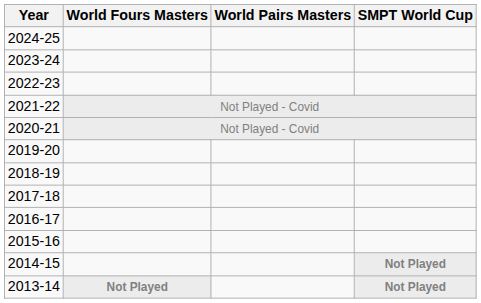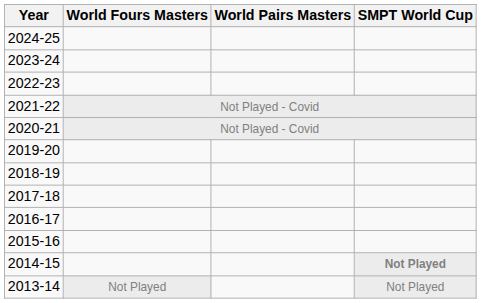 <table class="wikitable">
 <tr>
 <th>Year</th>
 <th>World Fours Masters</th>
 <th>World Pairs Masters</th>
 <th>SMPT World Cup</th>
 </tr>
 <tr>
 <td>2024-25</td>
 <td> </td>
 <td></td>
 <td></td>
 </tr>
 <tr>
 <td>2023-24</td>
 <td></td>
 <td></td>
 <td></td>
 </tr>
 <tr>
 <td>2022-23</td>
 <td> </td>
 <td></td>
 <td></td>
 </tr>
 <tr>
 <td>2021-22</td>
 <td style="background: #ececec; color: grey; text-align: center" class="table-na" colspan="3"><small>Not Played - Covid</small></td>
 </tr>
 <tr>
 <td>2020-21</td>
 <td style="background: #ececec; color: grey; text-align: center" class="table-na" colspan="3"><small>Not Played - Covid</small></td>
 </tr>
 <tr>
 <td>2019-20</td>
 <td></td>
 <td></td>
 <td></td>
 </tr>
 <tr>
 <td>2018-19</td>
 <td></td>
 <td></td>
 <td></td>
 </tr>
 <tr>
 <td>2017-18</td>
 <td></td>
 <td></td>
 <td></td>
 </tr>
 <tr>
 <td>2016-17</td>
 <td></td>
 <td></td>
 <td></td>
 </tr>
 <tr>
 <td>2015-16</td>
 <td></td>
 <td></td>
 <td></td>
 </tr>
 <tr>
 <td>2014-15</td>
 <td></td>
 <td></td>
 <td style="background: #ececec; color: grey; text-align: center" class="table-na"><strong><small>Not Played</small></strong></td>
 </tr>
 <tr>
 <td>2013-14</td>
-<td style="background: #ececec; color: grey; text-align: center" class="table-na"><strong><small>Not Played</small></strong></td>
+<td style="background: #ececec; color: grey; text-align: center" class="table-na"><small>Not Played</small></td>
 <td></td>
-<td style="background: #ececec; color: grey; text-align: center" class="table-na"><strong><small>Not Played</small></strong></td>
+<td style="background: #ececec; color: grey; text-align: center" class="table-na"><small>Not Played</small></td>
 </tr>
 </table>
